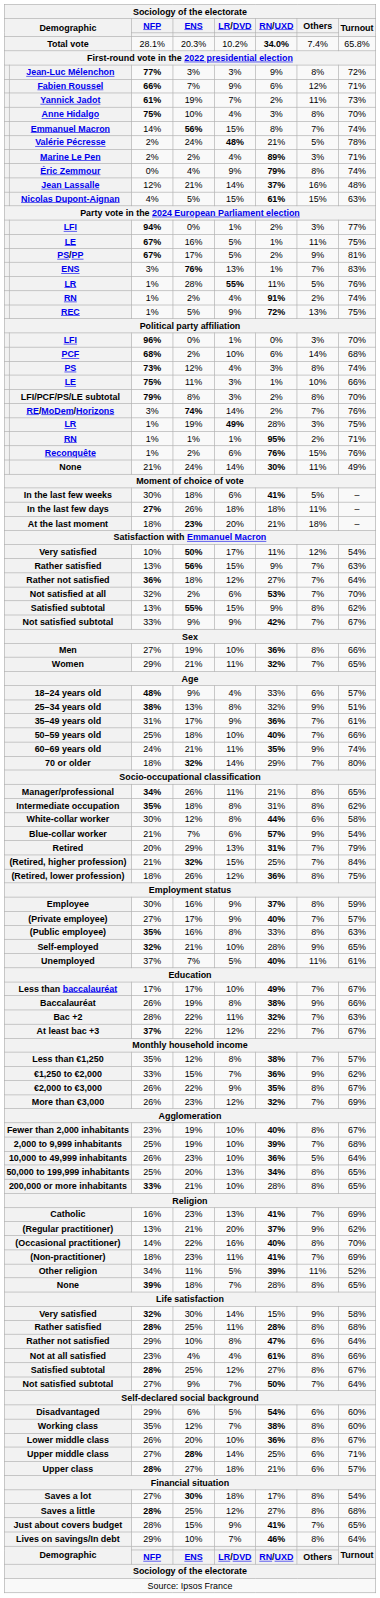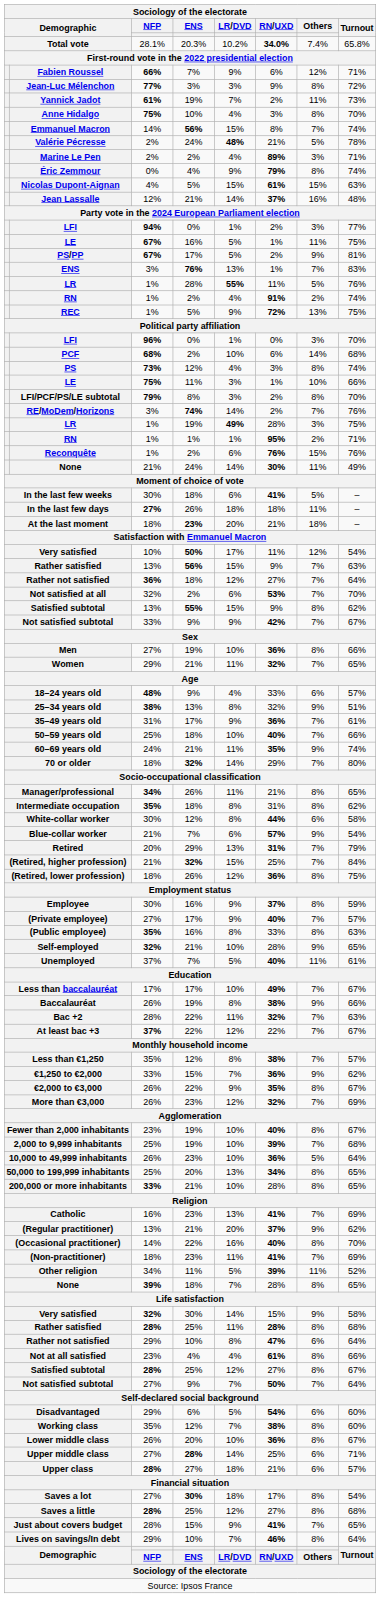 <table class="wikitable" style="font-size:90%;text-align:center;">
 <tr>
 <th colspan=8>Sociology of the electorate</th>
 </tr>
 <tr>
 <th scope="col" colspan=2 rowspan=2 class=unsortable style="width:180px">Demographic</th>
 <th scope="col" style="width:60px"><a href='#'>NFP</a></th>
 <th scope="col" style="width:60px"><a href='#'>ENS</a></th>
 <th scope="col" style="width:60px"><a href='#'>LR</a>/<a href='#'>DVD</a></th>
 <th scope="col" style="width:60px"><a href='#'>RN</a>/<a href='#'>UXD</a></th>
 <th scope="col" style="width:60px">Others</th>
 <th scope="col" rowspan=2>Turnout</th>
 </tr>
 <tr>
 <th style=background:></th>
 <th style=background:></th>
 <th style=background:></th>
 <th style=background:></th>
 <th style=background:></th>
 </tr>
 <tr>
 <th colspan=2>Total vote</th>
 <td>28.1%</td>
 <td>20.3%</td>
 <td>10.2%</td>
 <td style="background-color:#"><strong>34.0%</strong></td>
 <td>7.4%</td>
 <td>65.8%</td>
 </tr>
 <tr class="sortbottom">
 <th colspan=8>First-round vote in the <a href='#'>2022 presidential election</a></th>
 </tr>
 <tr>
 <th style=background:></th>
+<th><a href='#'>Fabien Roussel</a></th>
+<td style="background-color:#"><strong>66%</strong></td>
+<td>7%</td>
+<td>9%</td>
+<td>6%</td>
+<td>12%</td>
+<td>71%</td>
+</tr>
+<tr>
+<th style=background:></th>
 <th><a href='#'>Jean-Luc Mélenchon</a></th>
 <td style="background-color:#"><strong>77%</strong></td>
 <td>3%</td>
 <td>3%</td>
 <td>9%</td>
 <td>8%</td>
 <td>72%</td>
-</tr>
-<tr>
-<th style=background:></th>
-<th><a href='#'>Fabien Roussel</a></th>
-<td style="background-color:#"><strong>66%</strong></td>
-<td>7%</td>
-<td>9%</td>
-<td>6%</td>
-<td>12%</td>
-<td>71%</td>
 </tr>
 <tr>
 <th style=background:></th>
 <th><a href='#'>Yannick Jadot</a></th>
 <td style="background-color:#"><strong>61%</strong></td>
 <td>19%</td>
 <td>7%</td>
 <td>2%</td>
 <td>11%</td>
 <td>73%</td>
 </tr>
 <tr>
 <th style=background:></th>
 <th><a href='#'>Anne Hidalgo</a></th>
 <td style="background-color:#"><strong>75%</strong></td>
 <td>10%</td>
 <td>4%</td>
 <td>3%</td>
 <td>8%</td>
 <td>70%</td>
 </tr>
 <tr>
 <th style=background:></th>
 <th><a href='#'>Emmanuel Macron</a></th>
 <td>14%</td>
 <td style="background-color:#"><strong>56%</strong></td>
 <td>15%</td>
 <td>8%</td>
 <td>7%</td>
 <td>74%</td>
 </tr>
 <tr>
 <th style=background:></th>
 <th><a href='#'>Valérie Pécresse</a></th>
 <td>2%</td>
 <td>24%</td>
 <td style="background-color:#"><strong>48%</strong></td>
 <td>21%</td>
 <td>5%</td>
 <td>78%</td>
 </tr>
 <tr>
 <th style=background:></th>
 <th><a href='#'>Marine Le Pen</a></th>
 <td>2%</td>
 <td>2%</td>
 <td>4%</td>
 <td style="background-color:#"><strong>89%</strong></td>
 <td>3%</td>
 <td>71%</td>
 </tr>
 <tr>
 <th style=background:></th>
 <th><a href='#'>Éric Zemmour</a></th>
 <td>0%</td>
 <td>4%</td>
 <td>9%</td>
 <td style="background-color:#"><strong>79%</strong></td>
 <td>8%</td>
 <td>74%</td>
 </tr>
 <tr>
 <th style=background:></th>
+<th><a href='#'>Nicolas Dupont-Aignan</a></th>
+<td>4%</td>
+<td>5%</td>
+<td>15%</td>
+<td style="background-color:#"><strong>61%</strong></td>
+<td>15%</td>
+<td>63%</td>
+</tr>
+<tr>
+<th style=background:></th>
 <th><a href='#'>Jean Lassalle</a></th>
 <td>12%</td>
 <td>21%</td>
 <td>14%</td>
 <td style="background-color:#"><strong>37%</strong></td>
 <td>16%</td>
 <td>48%</td>
-</tr>
-<tr>
-<th style=background:></th>
-<th><a href='#'>Nicolas Dupont-Aignan</a></th>
-<td>4%</td>
-<td>5%</td>
-<td>15%</td>
-<td style="background-color:#"><strong>61%</strong></td>
-<td>15%</td>
-<td>63%</td>
 </tr>
 <tr class="sortbottom">
 <th colspan=8>Party vote in the <a href='#'>2024 European Parliament election</a></th>
 </tr>
 <tr>
 <th style=background:></th>
 <th><a href='#'>LFI</a></th>
 <td style="background-color:#"><strong>94%</strong></td>
 <td>0%</td>
 <td>1%</td>
 <td>2%</td>
 <td>3%</td>
 <td>77%</td>
 </tr>
 <tr>
 <th style=background:></th>
 <th><a href='#'>LE</a></th>
 <td style="background-color:#"><strong>67%</strong></td>
 <td>16%</td>
 <td>5%</td>
 <td>1%</td>
 <td>11%</td>
 <td>75%</td>
 </tr>
 <tr>
 <th style=background:></th>
 <th><a href='#'>PS</a>/<a href='#'>PP</a></th>
 <td style="background-color:#"><strong>67%</strong></td>
 <td>17%</td>
 <td>5%</td>
 <td>2%</td>
 <td>9%</td>
 <td>81%</td>
 </tr>
 <tr>
 <th style=background:></th>
 <th><a href='#'>ENS</a></th>
 <td>3%</td>
 <td style="background-color:#"><strong>76%</strong></td>
 <td>13%</td>
 <td>1%</td>
 <td>7%</td>
 <td>83%</td>
 </tr>
 <tr>
 <th style=background:></th>
 <th><a href='#'>LR</a></th>
 <td>1%</td>
 <td>28%</td>
 <td style="background-color:#"><strong>55%</strong></td>
 <td>11%</td>
 <td>5%</td>
 <td>76%</td>
 </tr>
 <tr>
 <th style=background:></th>
 <th><a href='#'>RN</a></th>
 <td>1%</td>
 <td>2%</td>
 <td>4%</td>
 <td style="background-color:#"><strong>91%</strong></td>
 <td>2%</td>
 <td>74%</td>
 </tr>
 <tr>
 <th style=background:></th>
 <th><a href='#'>REC</a></th>
 <td>1%</td>
 <td>5%</td>
 <td>9%</td>
 <td style="background-color:#"><strong>72%</strong></td>
 <td>13%</td>
 <td>75%</td>
 </tr>
 <tr class="sortbottom">
 <th colspan=8>Political party affiliation</th>
 </tr>
 <tr>
 <th style=background:></th>
 <th><a href='#'>LFI</a></th>
 <td style="background-color:#"><strong>96%</strong></td>
 <td>0%</td>
 <td>1%</td>
 <td>0%</td>
 <td>3%</td>
 <td>70%</td>
 </tr>
 <tr>
 <th style=background:></th>
 <th><a href='#'>PCF</a></th>
 <td style="background-color:#"><strong>68%</strong></td>
 <td>2%</td>
 <td>10%</td>
 <td>6%</td>
 <td>14%</td>
 <td>68%</td>
 </tr>
 <tr>
 <th style=background:></th>
 <th><a href='#'>PS</a></th>
 <td style="background-color:#"><strong>73%</strong></td>
 <td>12%</td>
 <td>4%</td>
 <td>3%</td>
 <td>8%</td>
 <td>74%</td>
 </tr>
 <tr>
 <th style=background:></th>
 <th><a href='#'>LE</a></th>
 <td style="background-color:#"><strong>75%</strong></td>
 <td>11%</td>
 <td>3%</td>
 <td>1%</td>
 <td>10%</td>
 <td>66%</td>
 </tr>
 <tr>
 <th style=background:></th>
 <th>LFI/PCF/PS/LE subtotal</th>
 <td style="background-color:#"><strong>79%</strong></td>
 <td>8%</td>
 <td>3%</td>
 <td>2%</td>
 <td>8%</td>
 <td>70%</td>
 </tr>
 <tr>
 <th style=background:></th>
 <th><a href='#'>RE</a>/<a href='#'>MoDem</a>/<a href='#'>Horizons</a></th>
 <td>3%</td>
 <td style="background-color:#"><strong>74%</strong></td>
 <td>14%</td>
 <td>2%</td>
 <td>7%</td>
 <td>76%</td>
 </tr>
 <tr>
 <th style=background:></th>
 <th><a href='#'>LR</a></th>
 <td>1%</td>
 <td>19%</td>
 <td style="background-color:#"><strong>49%</strong></td>
 <td>28%</td>
 <td>3%</td>
 <td>75%</td>
 </tr>
 <tr>
 <th style=background:></th>
 <th><a href='#'>RN</a></th>
 <td>1%</td>
 <td>1%</td>
 <td>1%</td>
 <td style="background-color:#"><strong>95%</strong></td>
 <td>2%</td>
 <td>71%</td>
 </tr>
 <tr>
 <th style=background:></th>
 <th><a href='#'>Reconquête</a></th>
 <td>1%</td>
 <td>2%</td>
 <td>6%</td>
 <td style="background-color:#"><strong>76%</strong></td>
 <td>15%</td>
 <td>76%</td>
 </tr>
 <tr>
 <th style=background:></th>
 <th>None</th>
 <td>21%</td>
 <td>24%</td>
 <td>14%</td>
 <td style="background-color:#"><strong>30%</strong></td>
 <td>11%</td>
 <td>49%</td>
 </tr>
 <tr class="sortbottom">
 <th colspan=8>Moment of choice of vote</th>
 </tr>
 <tr>
 <th colspan=2>In the last few weeks</th>
 <td>30%</td>
 <td>18%</td>
 <td>6%</td>
 <td style="background-color:#"><strong>41%</strong></td>
 <td>5%</td>
 <td>–</td>
 </tr>
 <tr>
 <th colspan=2>In the last few days</th>
 <td style="background-color:#"><strong>27%</strong></td>
 <td>26%</td>
 <td>18%</td>
 <td>18%</td>
 <td>11%</td>
 <td>–</td>
 </tr>
 <tr>
 <th colspan=2>At the last moment</th>
 <td>18%</td>
 <td style="background-color:#"><strong>23%</strong></td>
 <td>20%</td>
 <td>21%</td>
 <td>18%</td>
 <td>–</td>
 </tr>
 <tr class="sortbottom">
 <th colspan=8>Satisfaction with <a href='#'>Emmanuel Macron</a></th>
 </tr>
 <tr>
 <th colspan=2>Very satisfied</th>
 <td>10%</td>
 <td style="background-color:#"><strong>50%</strong></td>
 <td>17%</td>
 <td>11%</td>
 <td>12%</td>
 <td>54%</td>
 </tr>
 <tr>
 <th colspan=2>Rather satisfied</th>
 <td>13%</td>
 <td style="background-color:#"><strong>56%</strong></td>
 <td>15%</td>
 <td>9%</td>
 <td>7%</td>
 <td>63%</td>
 </tr>
 <tr>
 <th colspan=2>Rather not satisfied</th>
 <td style="background-color:#"><strong>36%</strong></td>
 <td>18%</td>
 <td>12%</td>
 <td>27%</td>
 <td>7%</td>
 <td>64%</td>
 </tr>
 <tr>
 <th colspan=2>Not satisfied at all</th>
 <td>32%</td>
 <td>2%</td>
 <td>6%</td>
 <td style="background-color:#"><strong>53%</strong></td>
 <td>7%</td>
 <td>70%</td>
 </tr>
 <tr>
 <th colspan=2>Satisfied subtotal</th>
 <td>13%</td>
 <td style="background-color:#"><strong>55%</strong></td>
 <td>15%</td>
 <td>9%</td>
 <td>8%</td>
 <td>62%</td>
 </tr>
 <tr>
 <th colspan=2>Not satisfied subtotal</th>
 <td>33%</td>
 <td>9%</td>
 <td>9%</td>
 <td style="background-color:#"><strong>42%</strong></td>
 <td>7%</td>
 <td>67%</td>
 </tr>
 <tr class="sortbottom">
 <th colspan=8>Sex</th>
 </tr>
 <tr>
 <th colspan=2>Men</th>
 <td>27%</td>
 <td>19%</td>
 <td>10%</td>
 <td style="background-color:#"><strong>36%</strong></td>
 <td>8%</td>
 <td>66%</td>
 </tr>
 <tr>
 <th colspan=2>Women</th>
 <td>29%</td>
 <td>21%</td>
 <td>11%</td>
 <td style="background-color:#"><strong>32%</strong></td>
 <td>7%</td>
 <td>65%</td>
 </tr>
 <tr class="sortbottom">
 <th colspan=8>Age</th>
 </tr>
 <tr>
 <th colspan=2>18–24 years old</th>
 <td style="background-color:#"><strong>48%</strong></td>
 <td>9%</td>
 <td>4%</td>
 <td>33%</td>
 <td>6%</td>
 <td>57%</td>
 </tr>
 <tr>
 <th colspan=2>25–34 years old</th>
 <td style="background-color:#"><strong>38%</strong></td>
 <td>13%</td>
 <td>8%</td>
 <td>32%</td>
 <td>9%</td>
 <td>51%</td>
 </tr>
 <tr>
 <th colspan=2>35–49 years old</th>
 <td>31%</td>
 <td>17%</td>
 <td>9%</td>
 <td style="background-color:#"><strong>36%</strong></td>
 <td>7%</td>
 <td>61%</td>
 </tr>
 <tr>
 <th colspan=2>50–59 years old</th>
 <td>25%</td>
 <td>18%</td>
 <td>10%</td>
 <td style="background-color:#"><strong>40%</strong></td>
 <td>7%</td>
 <td>66%</td>
 </tr>
 <tr>
 <th colspan=2>60–69 years old</th>
 <td>24%</td>
 <td>21%</td>
 <td>11%</td>
 <td style="background-color:#"><strong>35%</strong></td>
 <td>9%</td>
 <td>74%</td>
 </tr>
 <tr>
 <th colspan=2>70 or older</th>
 <td>18%</td>
 <td style="background-color:#"><strong>32%</strong></td>
 <td>14%</td>
 <td>29%</td>
 <td>7%</td>
 <td>80%</td>
 </tr>
 <tr class="sortbottom">
 <th colspan=8>Socio-occupational classification</th>
 </tr>
 <tr>
 <th colspan=2>Manager/professional</th>
 <td style="background-color:#"><strong>34%</strong></td>
 <td>26%</td>
 <td>11%</td>
 <td>21%</td>
 <td>8%</td>
 <td>65%</td>
 </tr>
 <tr>
 <th colspan=2>Intermediate occupation</th>
 <td style="background-color:#"><strong>35%</strong></td>
 <td>18%</td>
 <td>8%</td>
 <td>31%</td>
 <td>8%</td>
 <td>62%</td>
 </tr>
 <tr>
 <th colspan=2>White-collar worker</th>
 <td>30%</td>
 <td>12%</td>
 <td>8%</td>
 <td style="background-color:#"><strong>44%</strong></td>
 <td>6%</td>
 <td>58%</td>
 </tr>
 <tr>
 <th colspan=2>Blue-collar worker</th>
 <td>21%</td>
 <td>7%</td>
 <td>6%</td>
 <td style="background-color:#"><strong>57%</strong></td>
 <td>9%</td>
 <td>54%</td>
 </tr>
 <tr>
 <th colspan=2>Retired</th>
 <td>20%</td>
 <td>29%</td>
 <td>13%</td>
 <td style="background-color:#"><strong>31%</strong></td>
 <td>7%</td>
 <td>79%</td>
 </tr>
 <tr>
 <th colspan=2>(Retired, higher profession)</th>
 <td>21%</td>
 <td style="background-color:#"><strong>32%</strong></td>
 <td>15%</td>
 <td>25%</td>
 <td>7%</td>
 <td>84%</td>
 </tr>
 <tr>
 <th colspan=2>(Retired, lower profession)</th>
 <td>18%</td>
 <td>26%</td>
 <td>12%</td>
 <td style="background-color:#"><strong>36%</strong></td>
 <td>8%</td>
 <td>75%</td>
 </tr>
 <tr class="sortbottom">
 <th colspan=8>Employment status</th>
 </tr>
 <tr>
 <th colspan=2>Employee</th>
 <td>30%</td>
 <td>16%</td>
 <td>9%</td>
 <td style="background-color:#"><strong>37%</strong></td>
 <td>8%</td>
 <td>59%</td>
 </tr>
 <tr>
 <th colspan=2>(Private employee)</th>
 <td>27%</td>
 <td>17%</td>
 <td>9%</td>
 <td style="background-color:#"><strong>40%</strong></td>
 <td>7%</td>
 <td>57%</td>
 </tr>
 <tr>
 <th colspan=2>(Public employee)</th>
 <td style="background-color:#"><strong>35%</strong></td>
 <td>16%</td>
 <td>8%</td>
 <td>33%</td>
 <td>8%</td>
 <td>63%</td>
 </tr>
 <tr>
 <th colspan=2>Self-employed</th>
 <td style="background-color:#"><strong>32%</strong></td>
 <td>21%</td>
 <td>10%</td>
 <td>28%</td>
 <td>9%</td>
 <td>65%</td>
 </tr>
 <tr>
 <th colspan=2>Unemployed</th>
 <td>37%</td>
 <td>7%</td>
 <td>5%</td>
 <td style="background-color:#"><strong>40%</strong></td>
 <td>11%</td>
 <td>61%</td>
 </tr>
 <tr class="sortbottom">
 <th colspan=8>Education</th>
 </tr>
 <tr>
 <th colspan=2>Less than <a href='#'>baccalauréat</a></th>
 <td>17%</td>
 <td>17%</td>
 <td>10%</td>
 <td style="background-color:#"><strong>49%</strong></td>
 <td>7%</td>
 <td>67%</td>
 </tr>
 <tr>
 <th colspan=2>Baccalauréat</th>
 <td>26%</td>
 <td>19%</td>
 <td>8%</td>
 <td style="background-color:#"><strong>38%</strong></td>
 <td>9%</td>
 <td>66%</td>
 </tr>
 <tr>
 <th colspan=2>Bac +2</th>
 <td>28%</td>
 <td>22%</td>
 <td>11%</td>
 <td style="background-color:#"><strong>32%</strong></td>
 <td>7%</td>
 <td>63%</td>
 </tr>
 <tr>
 <th colspan=2>At least bac +3</th>
 <td style="background-color:#"><strong>37%</strong></td>
 <td>22%</td>
 <td>12%</td>
 <td>22%</td>
 <td>7%</td>
 <td>67%</td>
 </tr>
 <tr class="sortbottom">
 <th colspan=8>Monthly household income</th>
 </tr>
 <tr>
 <th colspan=2>Less than €1,250</th>
 <td>35%</td>
 <td>12%</td>
 <td>8%</td>
 <td style="background-color:#"><strong>38%</strong></td>
 <td>7%</td>
 <td>57%</td>
 </tr>
 <tr>
 <th colspan=2>€1,250 to €2,000</th>
 <td>33%</td>
 <td>15%</td>
 <td>7%</td>
 <td style="background-color:#"><strong>36%</strong></td>
 <td>9%</td>
 <td>62%</td>
 </tr>
 <tr>
 <th colspan=2>€2,000 to €3,000</th>
 <td>26%</td>
 <td>22%</td>
 <td>9%</td>
 <td style="background-color:#"><strong>35%</strong></td>
 <td>8%</td>
 <td>67%</td>
 </tr>
 <tr>
 <th colspan=2>More than €3,000</th>
 <td>26%</td>
 <td>23%</td>
 <td>12%</td>
 <td style="background-color:#"><strong>32%</strong></td>
 <td>7%</td>
 <td>69%</td>
 </tr>
 <tr class="sortbottom">
 <th colspan=8>Agglomeration</th>
 </tr>
 <tr>
 <th colspan=2>Fewer than 2,000 inhabitants</th>
 <td>23%</td>
 <td>19%</td>
 <td>10%</td>
 <td style="background-color:#"><strong>40%</strong></td>
 <td>8%</td>
 <td>67%</td>
 </tr>
 <tr>
 <th colspan=2>2,000 to 9,999 inhabitants</th>
 <td>25%</td>
 <td>19%</td>
 <td>10%</td>
 <td style="background-color:#"><strong>39%</strong></td>
 <td>7%</td>
 <td>68%</td>
 </tr>
 <tr>
 <th colspan=2>10,000 to 49,999 inhabitants</th>
 <td>26%</td>
 <td>23%</td>
 <td>10%</td>
 <td style="background-color:#"><strong>36%</strong></td>
 <td>5%</td>
 <td>64%</td>
 </tr>
 <tr>
 <th colspan=2>50,000 to 199,999 inhabitants</th>
 <td>25%</td>
 <td>20%</td>
 <td>13%</td>
 <td style="background-color:#"><strong>34%</strong></td>
 <td>8%</td>
 <td>65%</td>
 </tr>
 <tr>
 <th colspan=2>200,000 or more inhabitants</th>
 <td style="background-color:#"><strong>33%</strong></td>
 <td>21%</td>
 <td>10%</td>
 <td>28%</td>
 <td>8%</td>
 <td>65%</td>
 </tr>
 <tr class="sortbottom">
 <th colspan=8>Religion</th>
 </tr>
 <tr>
 <th colspan=2>Catholic</th>
 <td>16%</td>
 <td>23%</td>
 <td>13%</td>
 <td style="background-color:#"><strong>41%</strong></td>
 <td>7%</td>
 <td>69%</td>
 </tr>
 <tr>
 <th colspan=2>(Regular practitioner)</th>
 <td>13%</td>
 <td>21%</td>
 <td>20%</td>
 <td style="background-color:#"><strong>37%</strong></td>
 <td>9%</td>
 <td>62%</td>
 </tr>
 <tr>
 <th colspan=2>(Occasional practitioner)</th>
 <td>14%</td>
 <td>22%</td>
 <td>16%</td>
 <td style="background-color:#"><strong>40%</strong></td>
 <td>8%</td>
 <td>70%</td>
 </tr>
 <tr>
 <th colspan=2>(Non-practitioner)</th>
 <td>18%</td>
 <td>23%</td>
 <td>11%</td>
 <td style="background-color:#"><strong>41%</strong></td>
 <td>7%</td>
 <td>69%</td>
 </tr>
 <tr>
 <th colspan=2>Other religion</th>
 <td>34%</td>
 <td>11%</td>
 <td>5%</td>
 <td style="background-color:#"><strong>39%</strong></td>
 <td>11%</td>
 <td>52%</td>
 </tr>
 <tr>
 <th colspan=2>None</th>
 <td style="background-color:#"><strong>39%</strong></td>
 <td>18%</td>
 <td>7%</td>
 <td>28%</td>
 <td>8%</td>
 <td>65%</td>
 </tr>
 <tr class="sortbottom">
 <th colspan=8>Life satisfaction</th>
 </tr>
 <tr>
 <th colspan=2>Very satisfied</th>
 <td style="background-color:#"><strong>32%</strong></td>
 <td>30%</td>
 <td>14%</td>
 <td>15%</td>
 <td>9%</td>
 <td>58%</td>
 </tr>
 <tr>
 <th colspan=2>Rather satisfied</th>
 <td style="background-color:#"><strong>28%</strong></td>
 <td>25%</td>
 <td>11%</td>
 <td style="background-color:#"><strong>28%</strong></td>
 <td>8%</td>
 <td>68%</td>
 </tr>
 <tr>
 <th colspan=2>Rather not satisfied</th>
 <td>29%</td>
 <td>10%</td>
 <td>8%</td>
 <td style="background-color:#"><strong>47%</strong></td>
 <td>6%</td>
 <td>64%</td>
 </tr>
 <tr>
 <th colspan=2>Not at all satisfied</th>
 <td>23%</td>
 <td>4%</td>
 <td>4%</td>
 <td style="background-color:#"><strong>61%</strong></td>
 <td>8%</td>
 <td>66%</td>
 </tr>
 <tr>
 <th colspan=2>Satisfied subtotal</th>
 <td style="background-color:#"><strong>28%</strong></td>
 <td>25%</td>
 <td>12%</td>
 <td>27%</td>
 <td>8%</td>
 <td>67%</td>
 </tr>
 <tr>
 <th colspan=2>Not satisfied subtotal</th>
 <td>27%</td>
 <td>9%</td>
 <td>7%</td>
 <td style="background-color:#"><strong>50%</strong></td>
 <td>7%</td>
 <td>64%</td>
 </tr>
 <tr class="sortbottom">
 <th colspan=8>Self-declared social background</th>
 </tr>
 <tr>
 <th colspan=2>Disadvantaged</th>
 <td>29%</td>
 <td>6%</td>
 <td>5%</td>
 <td style="background-color:#"><strong>54%</strong></td>
 <td>6%</td>
 <td>60%</td>
 </tr>
 <tr>
 <th colspan=2>Working class</th>
 <td>35%</td>
 <td>12%</td>
 <td>7%</td>
 <td style="background-color:#"><strong>38%</strong></td>
 <td>8%</td>
 <td>60%</td>
 </tr>
 <tr>
 <th colspan=2>Lower middle class</th>
 <td>26%</td>
 <td>20%</td>
 <td>10%</td>
 <td style="background-color:#"><strong>36%</strong></td>
 <td>8%</td>
 <td>67%</td>
 </tr>
 <tr>
 <th colspan=2>Upper middle class</th>
 <td>27%</td>
 <td style="background-color:#"><strong>28%</strong></td>
 <td>14%</td>
 <td>25%</td>
 <td>6%</td>
 <td>71%</td>
 </tr>
 <tr>
 <th colspan=2>Upper class</th>
 <td style="background-color:#"><strong>28%</strong></td>
 <td>27%</td>
 <td>18%</td>
 <td>21%</td>
 <td>6%</td>
 <td>57%</td>
 </tr>
 <tr class="sortbottom">
 <th colspan=8>Financial situation</th>
 </tr>
 <tr>
 <th colspan=2>Saves a lot</th>
 <td>27%</td>
 <td style="background-color:#"><strong>30%</strong></td>
 <td>18%</td>
 <td>17%</td>
 <td>8%</td>
 <td>54%</td>
 </tr>
 <tr>
 <th colspan=2>Saves a little</th>
 <td style="background-color:#"><strong>28%</strong></td>
 <td>25%</td>
 <td>12%</td>
 <td>27%</td>
 <td>8%</td>
 <td>68%</td>
 </tr>
 <tr>
 <th colspan=2>Just about covers budget</th>
 <td>28%</td>
 <td>15%</td>
 <td>9%</td>
 <td style="background-color:#"><strong>41%</strong></td>
 <td>7%</td>
 <td>65%</td>
 </tr>
 <tr>
 <th colspan=2>Lives on savings/In debt</th>
 <td>29%</td>
 <td>10%</td>
 <td>7%</td>
 <td style="background-color:#"><strong>46%</strong></td>
 <td>8%</td>
 <td>64%</td>
 </tr>
 <tr class="sortbottom">
 <th colspan=2 rowspan=2>Demographic</th>
 <th style=background:></th>
 <th style=background:></th>
 <th style=background:></th>
 <th style=background:></th>
 <th style=background:></th>
 <th scope="col" rowspan=2>Turnout</th>
 </tr>
 <tr class="sortbottom">
 <th scope="col" style="width:60px"><a href='#'>NFP</a></th>
 <th scope="col" style="width:60px"><a href='#'>ENS</a></th>
 <th scope="col" style="width:60px"><a href='#'>LR</a>/<a href='#'>DVD</a></th>
 <th scope="col" style="width:60px"><a href='#'>RN</a>/<a href='#'>UXD</a></th>
 <th scope="col" style="width:60px">Others</th>
 </tr>
 <tr class="sortbottom">
 <th colspan=8>Sociology of the electorate</th>
 </tr>
 <tr class="sortbottom">
 <td colspan=8>Source: Ipsos France</td>
 </tr>
 </table>
